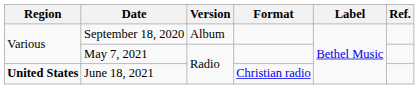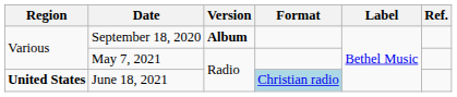 <table class="wikitable plainrowheaders">
 <tr>
 <th scope="col">Region</th>
 <th scope="col">Date</th>
 <th scope="col">Version</th>
 <th scope="col">Format</th>
 <th scope="col">Label</th>
 <th scope="col">Ref.</th>
 </tr>
 <tr>
 <td rowspan="2">Various</td>
 <td>September 18, 2020</td>
-<td>Album</td>
+<td><strong>Album</strong></td>
 <td></td>
 <td rowspan="3"><a href='#'>Bethel Music</a></td>
 <td></td>
 </tr>
 <tr>
 <td>May 7, 2021</td>
 <td rowspan="2">Radio</td>
 <td></td>
 <td></td>
 </tr>
 <tr>
 <td><strong>United States</strong></td>
 <td>June 18, 2021</td>
-<td><a href='#'>Christian radio</a></td>
+<td style="background: lightblue;"><a href='#'>Christian radio</a></td>
 <td></td>
 </tr>
 </table>
